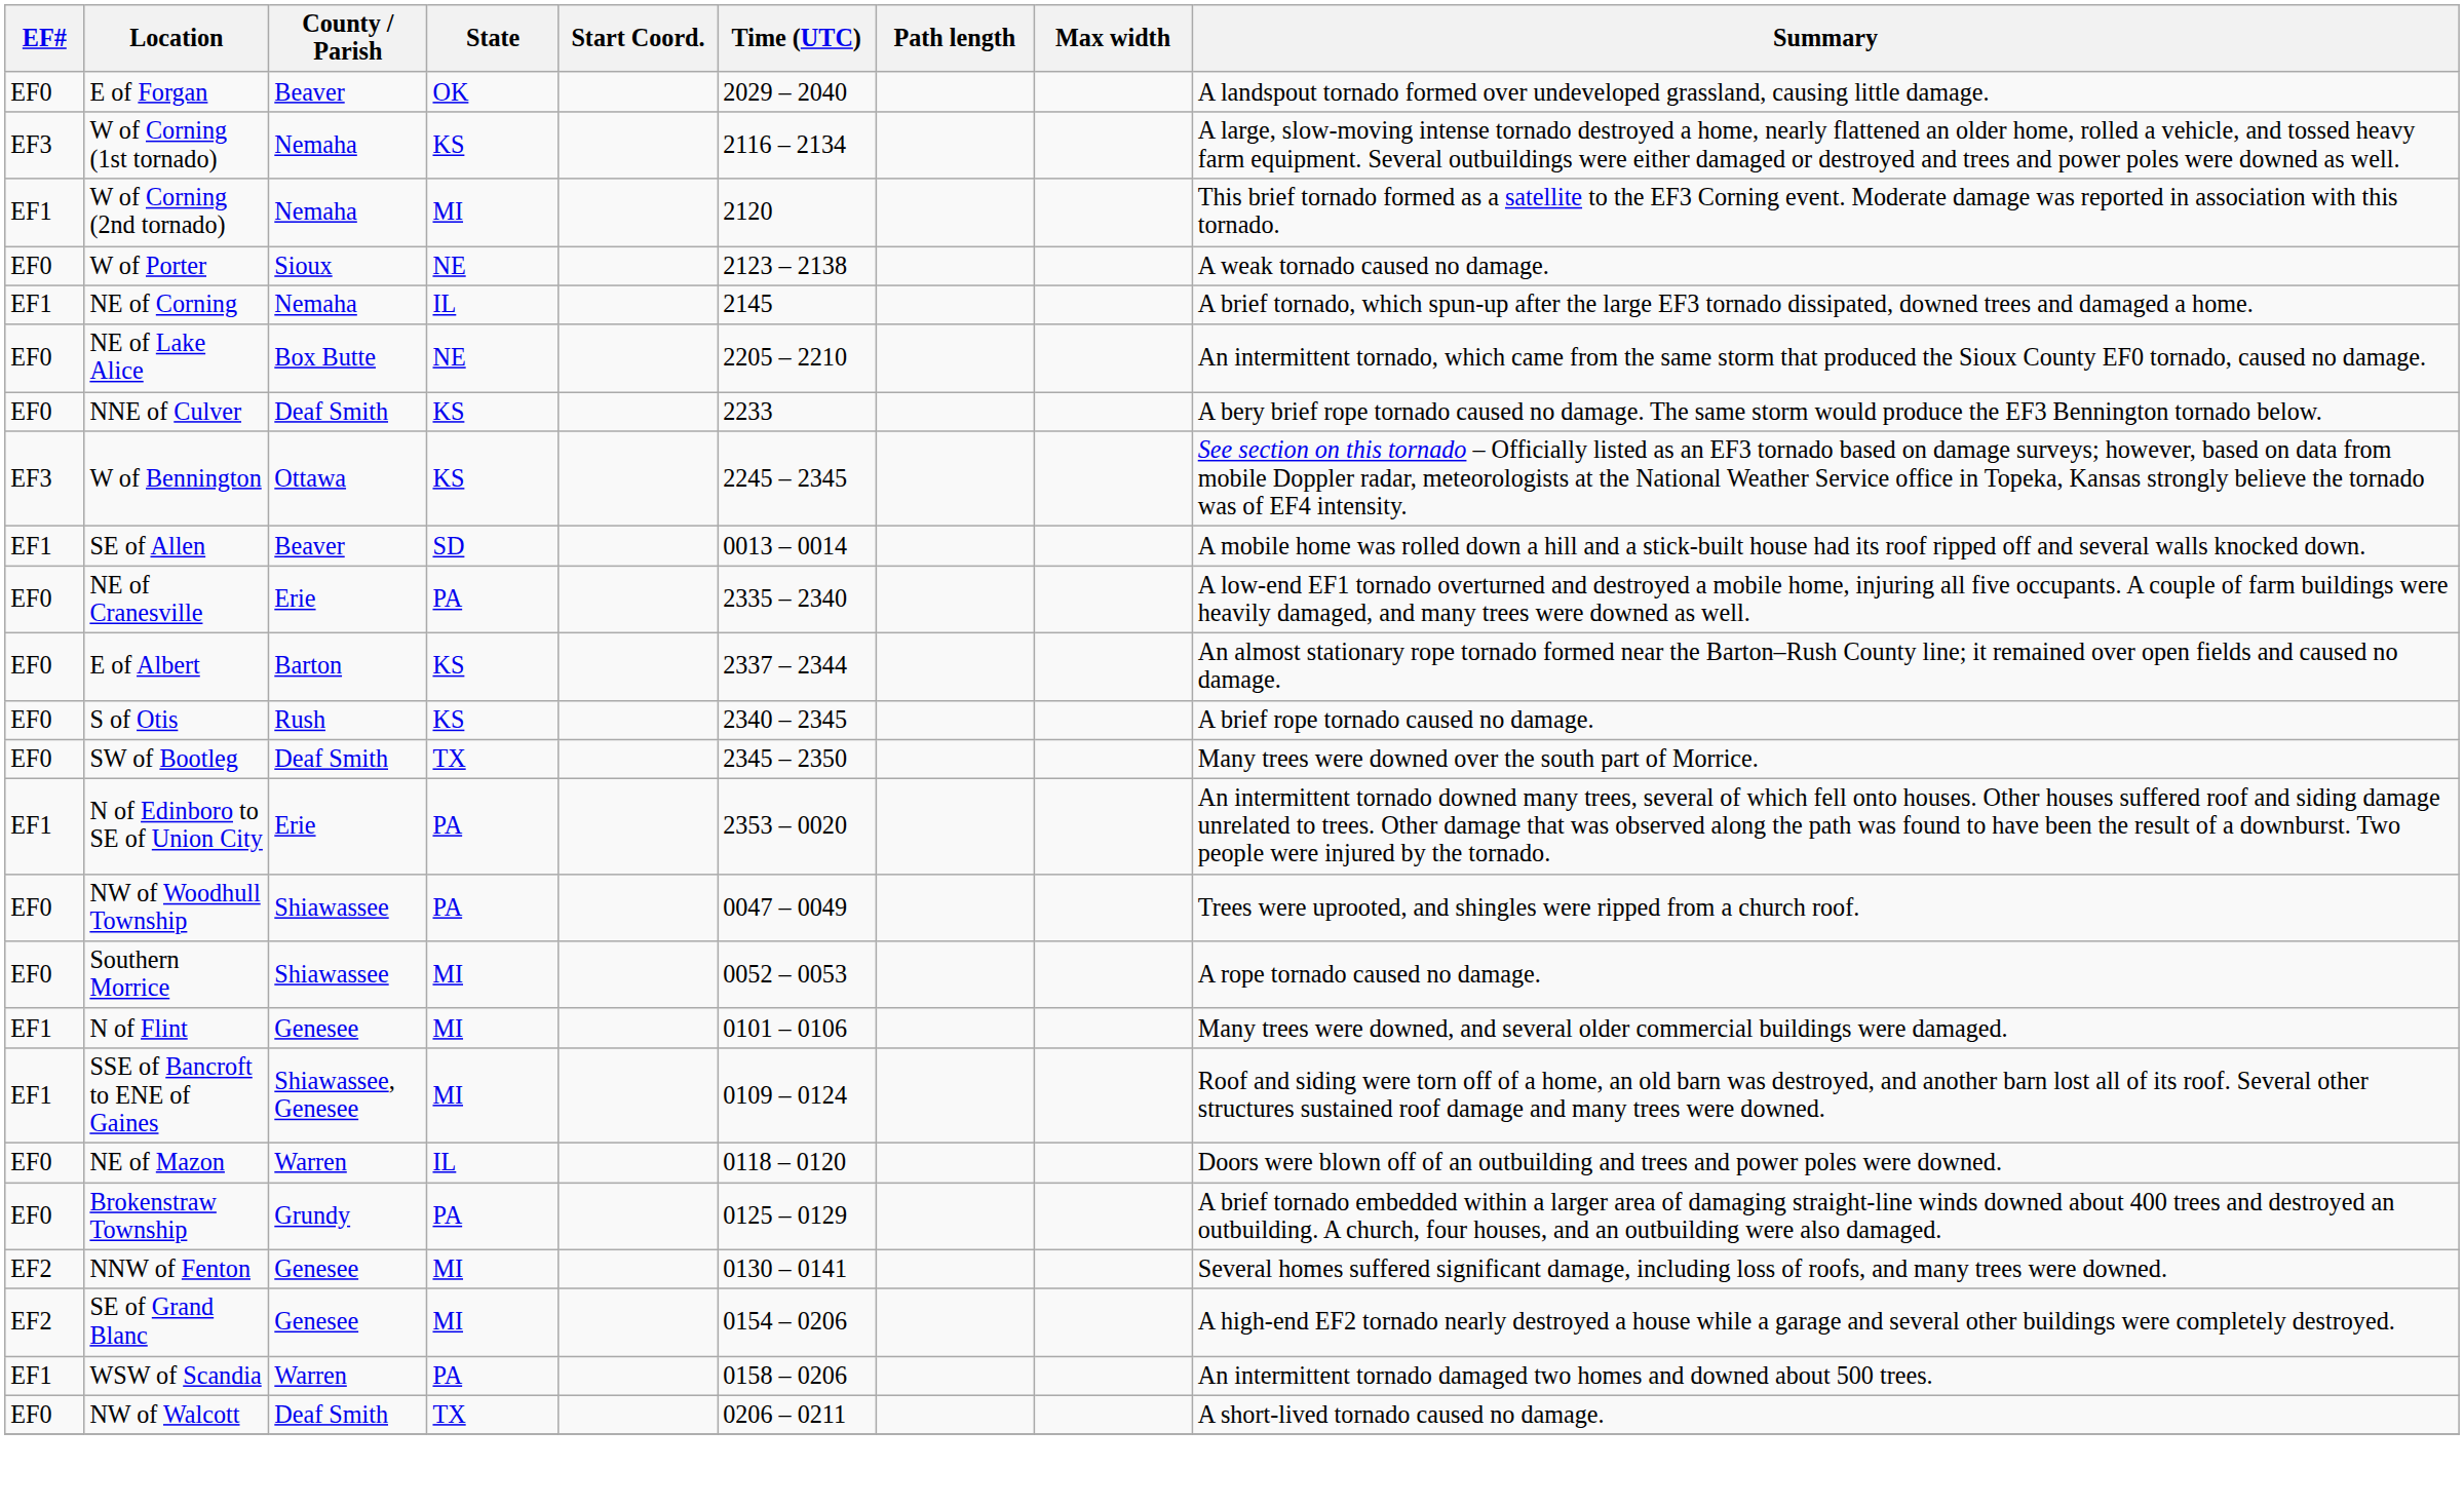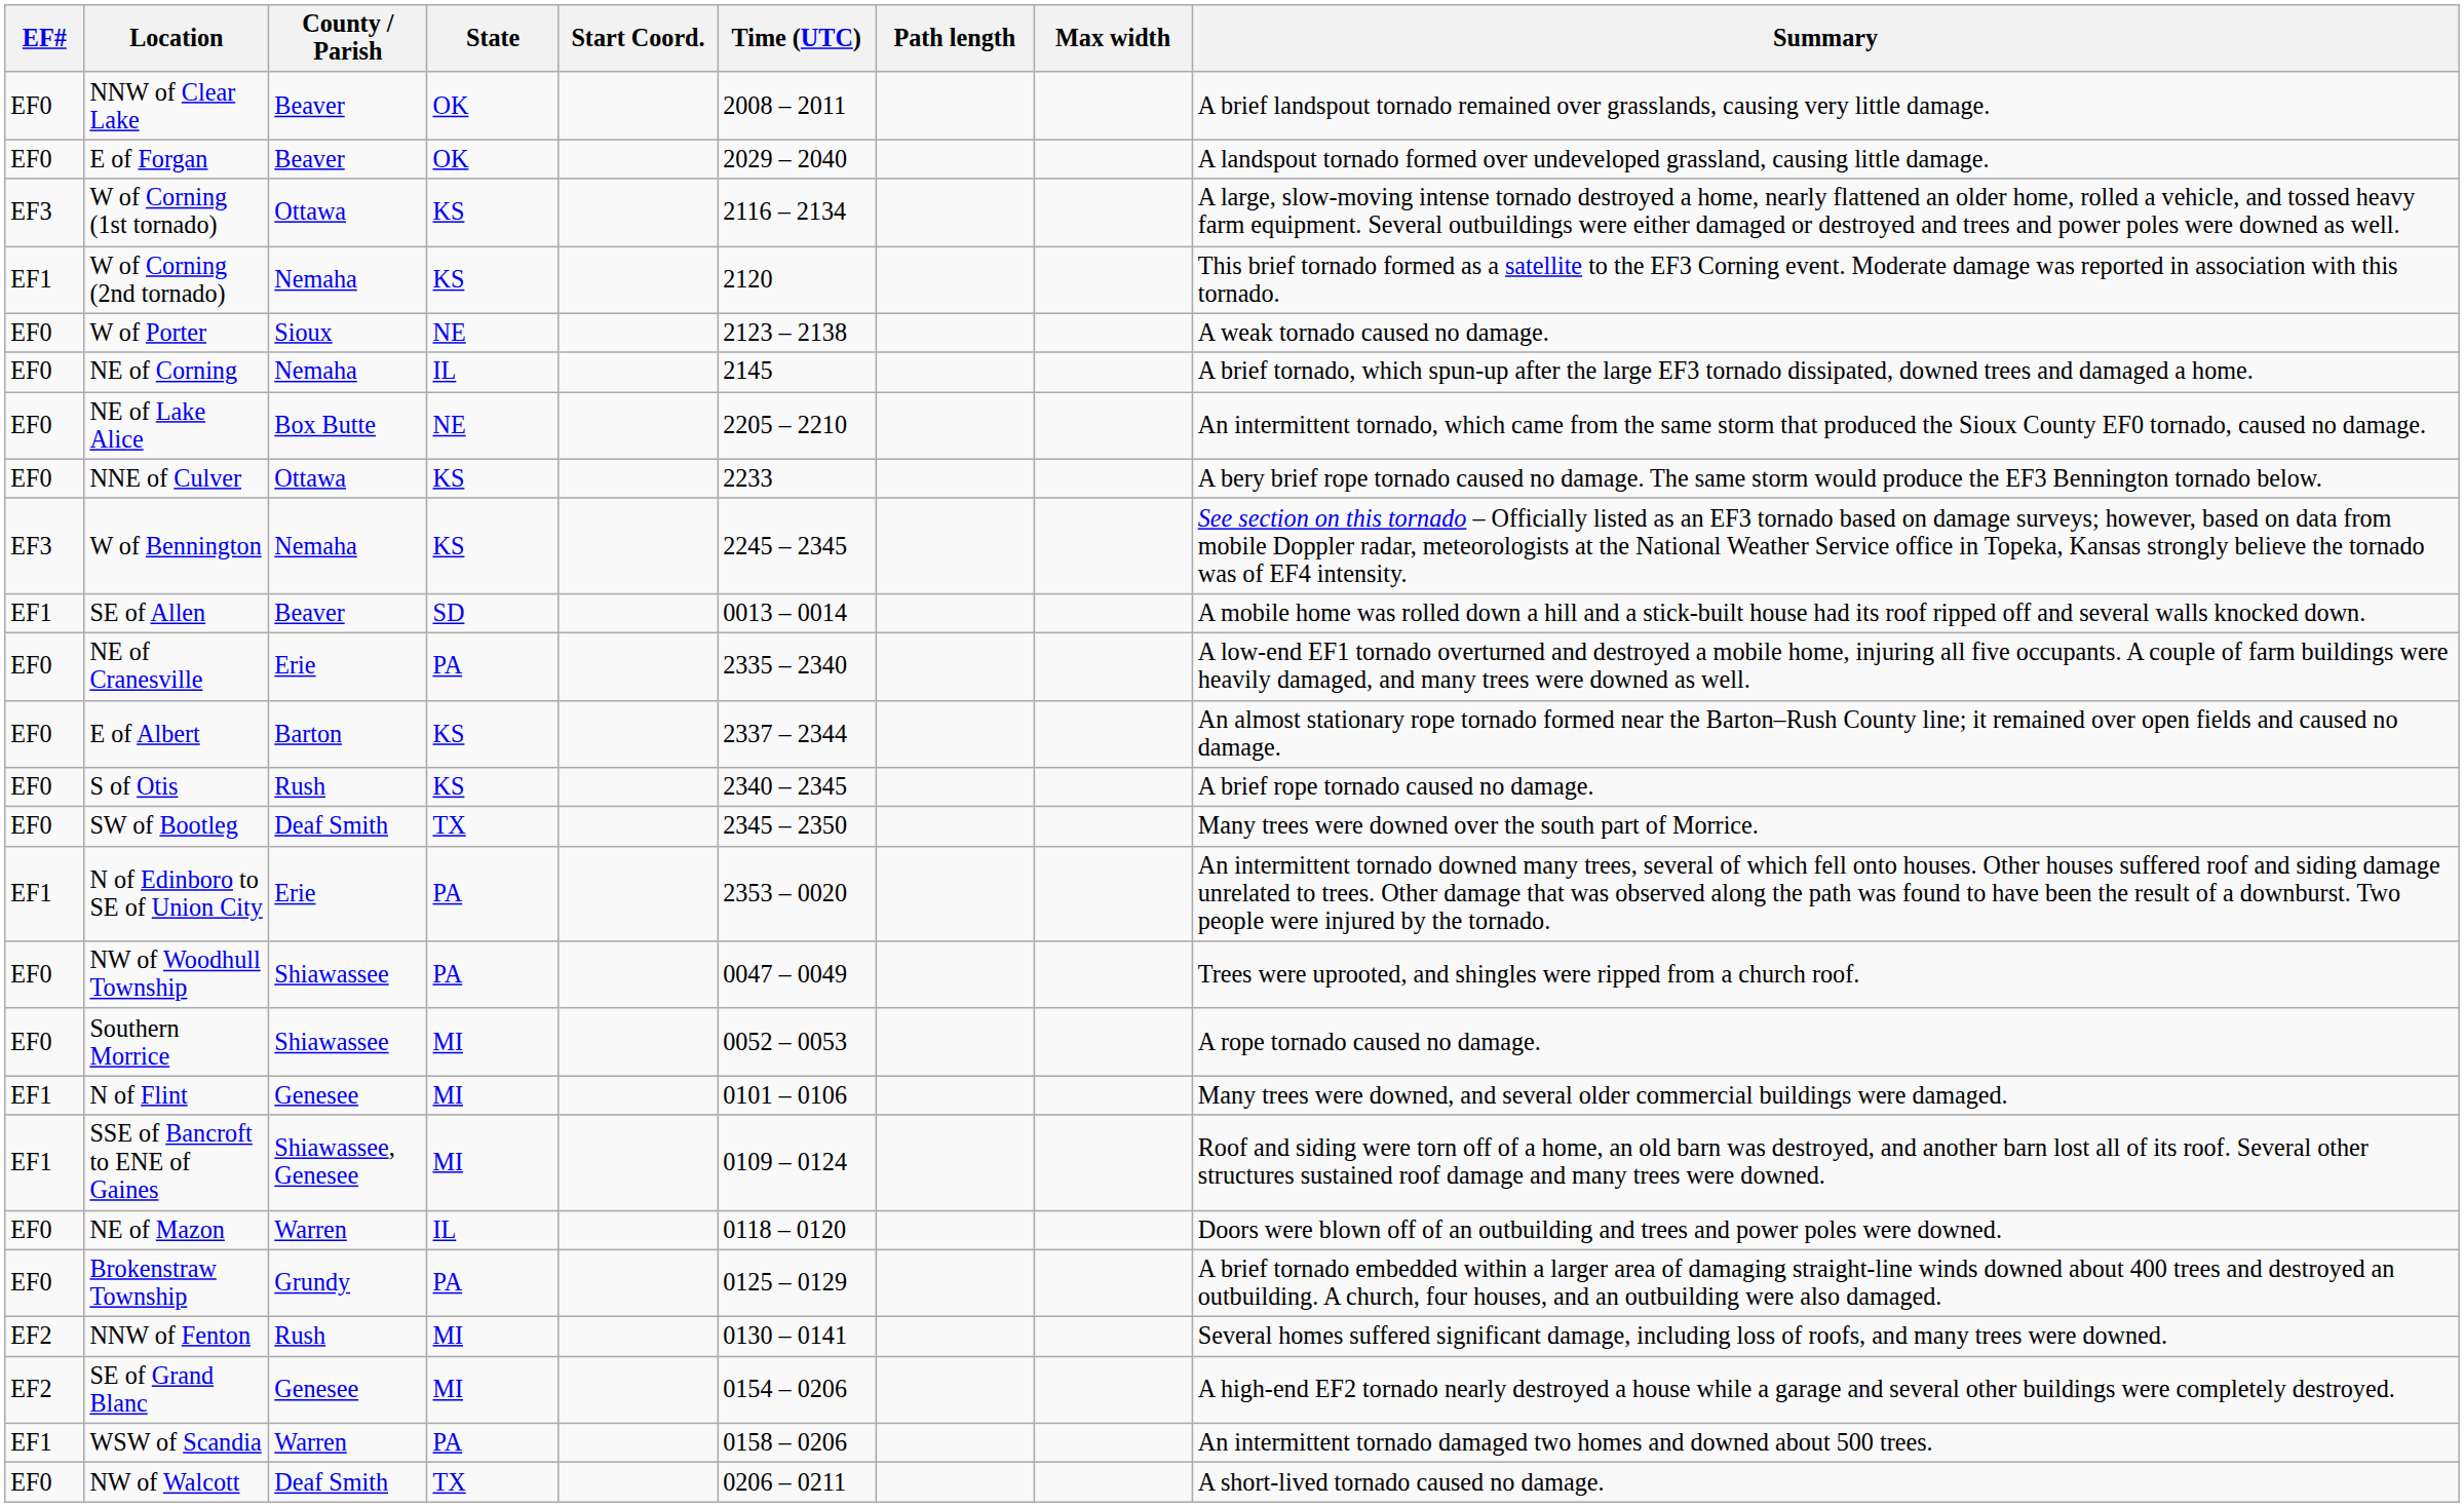 <table class="wikitable sortable" style="width:100%;">
 <tr>
 <th scope="col" width="3%" align="center"><a href='#'>EF#</a></th>
 <th scope="col" width="7%" align="center" class="unsortable">Location</th>
 <th scope="col" width="6%" align="center" class="unsortable">County / Parish</th>
 <th scope="col" width="5%" align="center">State</th>
 <th scope="col" width="6%" align="center">Start Coord.</th>
 <th scope="col" width="6%" align="center">Time (<a href='#'>UTC</a>)</th>
 <th scope="col" width="6%" align="center">Path length</th>
 <th scope="col" width="6%" align="center">Max width</th>
 <th scope="col" width="48%" class="unsortable" align="center">Summary</th>
+</tr>
+<tr>
+<td>EF0</td>
+<td>NNW of <a href='#'>Clear Lake</a></td>
+<td><a href='#'>Beaver</a></td>
+<td><a href='#'>OK</a></td>
+<td></td>
+<td>2008 – 2011</td>
+<td></td>
+<td></td>
+<td>A brief landspout tornado remained over grasslands, causing very little damage.</td>
 </tr>
 <tr>
 <td>EF0</td>
 <td>E of <a href='#'>Forgan</a></td>
 <td><a href='#'>Beaver</a></td>
 <td><a href='#'>OK</a></td>
 <td></td>
 <td>2029 – 2040</td>
 <td></td>
 <td></td>
 <td>A landspout tornado formed over undeveloped grassland, causing little damage.</td>
 </tr>
 <tr>
 <td>EF3</td>
 <td>W of <a href='#'>Corning</a> (1st tornado)</td>
-<td><a href='#'>Nemaha</a></td>
+<td><a href='#'>Ottawa</a></td>
 <td><a href='#'>KS</a></td>
 <td></td>
 <td>2116 – 2134</td>
 <td></td>
 <td></td>
 <td>A large, slow-moving intense tornado destroyed a home, nearly flattened an older home, rolled a vehicle, and tossed heavy farm equipment. Several outbuildings were either damaged or destroyed and trees and power poles were downed as well.</td>
 </tr>
 <tr>
 <td>EF1</td>
 <td>W of <a href='#'>Corning</a> (2nd tornado)</td>
 <td><a href='#'>Nemaha</a></td>
-<td><a href='#'>MI</a></td>
+<td><a href='#'>KS</a></td>
 <td></td>
 <td>2120</td>
 <td></td>
 <td></td>
 <td>This brief tornado formed as a <a href='#'>satellite</a> to the EF3 Corning event. Moderate damage was reported in association with this tornado.</td>
 </tr>
 <tr>
 <td>EF0</td>
 <td>W of <a href='#'>Porter</a></td>
 <td><a href='#'>Sioux</a></td>
 <td><a href='#'>NE</a></td>
 <td></td>
 <td>2123 – 2138</td>
 <td></td>
 <td></td>
 <td>A weak tornado caused no damage.</td>
 </tr>
 <tr>
-<td>EF1</td>
+<td>EF0</td>
 <td>NE of <a href='#'>Corning</a></td>
 <td><a href='#'>Nemaha</a></td>
 <td><a href='#'>IL</a></td>
 <td></td>
 <td>2145</td>
 <td></td>
 <td></td>
 <td>A brief tornado, which spun-up after the large EF3 tornado dissipated, downed trees and damaged a home.</td>
 </tr>
 <tr>
 <td>EF0</td>
 <td>NE of <a href='#'>Lake Alice</a></td>
 <td><a href='#'>Box Butte</a></td>
 <td><a href='#'>NE</a></td>
 <td></td>
 <td>2205 – 2210</td>
 <td></td>
 <td></td>
 <td>An intermittent tornado, which came from the same storm that produced the Sioux County EF0 tornado, caused no damage.</td>
 </tr>
 <tr>
 <td>EF0</td>
 <td>NNE of <a href='#'>Culver</a></td>
-<td><a href='#'>Deaf Smith</a></td>
+<td><a href='#'>Ottawa</a></td>
 <td><a href='#'>KS</a></td>
 <td></td>
 <td>2233</td>
 <td></td>
 <td></td>
 <td>A bery brief rope tornado caused no damage. The same storm would produce the EF3 Bennington tornado below.</td>
 </tr>
 <tr>
 <td>EF3</td>
 <td>W of <a href='#'>Bennington</a></td>
-<td><a href='#'>Ottawa</a></td>
+<td><a href='#'>Nemaha</a></td>
 <td><a href='#'>KS</a></td>
 <td></td>
 <td>2245 – 2345</td>
 <td></td>
 <td></td>
 <td><em><a href='#'>See section on this tornado</a></em> – Officially listed as an EF3 tornado based on damage surveys; however, based on data from mobile Doppler radar, meteorologists at the National Weather Service office in Topeka, Kansas strongly believe the tornado was of EF4 intensity.</td>
 </tr>
 <tr>
 <td>EF1</td>
 <td>SE of <a href='#'>Allen</a></td>
 <td><a href='#'>Beaver</a></td>
 <td><a href='#'>SD</a></td>
 <td></td>
 <td>0013 – 0014</td>
 <td></td>
 <td></td>
 <td>A mobile home was rolled down a hill and a stick-built house had its roof ripped off and several walls knocked down.</td>
 </tr>
 <tr>
 <td>EF0</td>
 <td>NE of <a href='#'>Cranesville</a></td>
 <td><a href='#'>Erie</a></td>
 <td><a href='#'>PA</a></td>
 <td></td>
 <td>2335 – 2340</td>
 <td></td>
 <td></td>
 <td>A low-end EF1 tornado overturned and destroyed a mobile home, injuring all five occupants. A couple of farm buildings were heavily damaged, and many trees were downed as well.</td>
 </tr>
 <tr>
 <td>EF0</td>
 <td>E of <a href='#'>Albert</a></td>
 <td><a href='#'>Barton</a></td>
 <td><a href='#'>KS</a></td>
 <td></td>
 <td>2337 – 2344</td>
 <td></td>
 <td></td>
 <td>An almost stationary rope tornado formed near the Barton–Rush County line; it remained over open fields and caused no damage.</td>
 </tr>
 <tr>
 <td>EF0</td>
 <td>S of <a href='#'>Otis</a></td>
 <td><a href='#'>Rush</a></td>
 <td><a href='#'>KS</a></td>
 <td></td>
 <td>2340 – 2345</td>
 <td></td>
 <td></td>
 <td>A brief rope tornado caused no damage.</td>
 </tr>
 <tr>
 <td>EF0</td>
 <td>SW of <a href='#'>Bootleg</a></td>
 <td><a href='#'>Deaf Smith</a></td>
 <td><a href='#'>TX</a></td>
 <td></td>
 <td>2345 – 2350</td>
 <td></td>
 <td></td>
 <td>Many trees were downed over the south part of Morrice.</td>
 </tr>
 <tr>
 <td>EF1</td>
 <td>N of <a href='#'>Edinboro</a> to SE of <a href='#'>Union City</a></td>
 <td><a href='#'>Erie</a></td>
 <td><a href='#'>PA</a></td>
 <td></td>
 <td>2353 – 0020</td>
 <td></td>
 <td></td>
 <td>An intermittent tornado downed many trees, several of which fell onto houses. Other houses suffered roof and siding damage unrelated to trees. Other damage that was observed along the path was found to have been the result of a downburst. Two people were injured by the tornado.</td>
 </tr>
 <tr>
 <td>EF0</td>
 <td>NW of <a href='#'>Woodhull Township</a></td>
 <td><a href='#'>Shiawassee</a></td>
 <td><a href='#'>PA</a></td>
 <td></td>
 <td>0047 – 0049</td>
 <td></td>
 <td></td>
 <td>Trees were uprooted, and shingles were ripped from a church roof.</td>
 </tr>
 <tr>
 <td>EF0</td>
 <td>Southern <a href='#'>Morrice</a></td>
 <td><a href='#'>Shiawassee</a></td>
 <td><a href='#'>MI</a></td>
 <td></td>
 <td>0052 – 0053</td>
 <td></td>
 <td></td>
 <td>A rope tornado caused no damage.</td>
 </tr>
 <tr>
 <td>EF1</td>
 <td>N of <a href='#'>Flint</a></td>
 <td><a href='#'>Genesee</a></td>
 <td><a href='#'>MI</a></td>
 <td></td>
 <td>0101 – 0106</td>
 <td></td>
 <td></td>
 <td>Many trees were downed, and several older commercial buildings were damaged.</td>
 </tr>
 <tr>
 <td>EF1</td>
 <td>SSE of <a href='#'>Bancroft</a> to ENE of <a href='#'>Gaines</a></td>
 <td><a href='#'>Shiawassee</a>, <a href='#'>Genesee</a></td>
 <td><a href='#'>MI</a></td>
 <td></td>
 <td>0109 – 0124</td>
 <td></td>
 <td></td>
 <td>Roof and siding were torn off of a home, an old barn was destroyed, and another barn lost all of its roof. Several other structures sustained roof damage and many trees were downed.</td>
 </tr>
 <tr>
 <td>EF0</td>
 <td>NE of <a href='#'>Mazon</a></td>
 <td><a href='#'>Warren</a></td>
 <td><a href='#'>IL</a></td>
 <td></td>
 <td>0118 – 0120</td>
 <td></td>
 <td></td>
 <td>Doors were blown off of an outbuilding and trees and power poles were downed.</td>
 </tr>
 <tr>
 <td>EF0</td>
 <td><a href='#'>Brokenstraw Township</a></td>
 <td><a href='#'>Grundy</a></td>
 <td><a href='#'>PA</a></td>
 <td></td>
 <td>0125 – 0129</td>
 <td></td>
 <td></td>
 <td>A brief tornado embedded within a larger area of damaging straight-line winds downed about 400 trees and destroyed an outbuilding. A church, four houses, and an outbuilding were also damaged.</td>
 </tr>
 <tr>
 <td>EF2</td>
 <td>NNW of <a href='#'>Fenton</a></td>
-<td><a href='#'>Genesee</a></td>
+<td><a href='#'>Rush</a></td>
 <td><a href='#'>MI</a></td>
 <td></td>
 <td>0130 – 0141</td>
 <td></td>
 <td></td>
 <td>Several homes suffered significant damage, including loss of roofs, and many trees were downed.</td>
 </tr>
 <tr>
 <td>EF2</td>
 <td>SE of <a href='#'>Grand Blanc</a></td>
 <td><a href='#'>Genesee</a></td>
 <td><a href='#'>MI</a></td>
 <td></td>
 <td>0154 – 0206</td>
 <td></td>
 <td></td>
 <td>A high-end EF2 tornado nearly destroyed a house while a garage and several other buildings were completely destroyed.</td>
 </tr>
 <tr>
 <td>EF1</td>
 <td>WSW of <a href='#'>Scandia</a></td>
 <td><a href='#'>Warren</a></td>
 <td><a href='#'>PA</a></td>
 <td></td>
 <td>0158 – 0206</td>
 <td></td>
 <td></td>
 <td>An intermittent tornado damaged two homes and downed about 500 trees.</td>
 </tr>
 <tr>
 <td>EF0</td>
 <td>NW of <a href='#'>Walcott</a></td>
 <td><a href='#'>Deaf Smith</a></td>
 <td><a href='#'>TX</a></td>
 <td></td>
 <td>0206 – 0211</td>
 <td></td>
 <td></td>
 <td>A short-lived tornado caused no damage.</td>
 </tr>
 <tr>
 </tr>
 </table>
